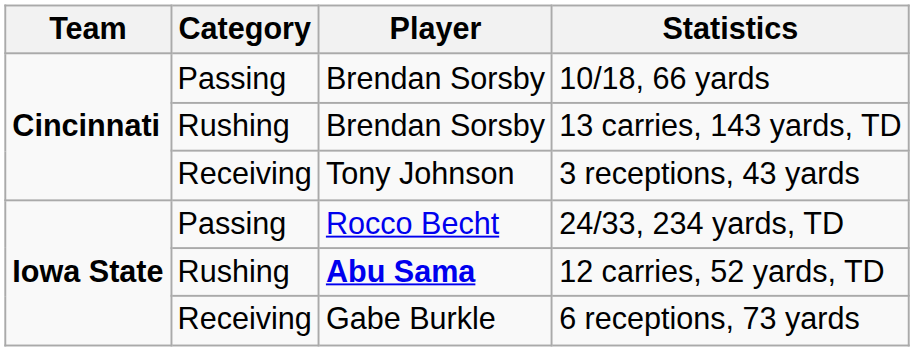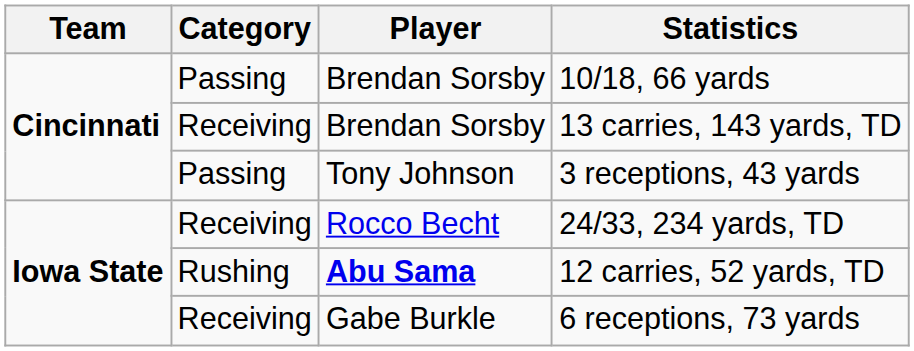 <table class="wikitable" style="float: right;">
 <tr>
 <th>Team</th>
 <th>Category</th>
 <th>Player</th>
 <th>Statistics</th>
 </tr>
 <tr>
 <td rowspan=3><strong>Cincinnati</strong></td>
 <td>Passing</td>
 <td>Brendan Sorsby</td>
 <td>10/18, 66 yards</td>
 </tr>
 <tr>
-<td>Rushing</td>
+<td>Receiving</td>
 <td>Brendan Sorsby</td>
 <td>13 carries, 143 yards, TD</td>
 </tr>
 <tr>
-<td>Receiving</td>
+<td>Passing</td>
 <td>Tony Johnson</td>
 <td>3 receptions, 43 yards</td>
 </tr>
 <tr>
 <td rowspan=3><strong>Iowa State</strong></td>
-<td>Passing</td>
+<td>Receiving</td>
 <td><a href='#'>Rocco Becht</a></td>
 <td>24/33, 234 yards, TD</td>
 </tr>
 <tr>
 <td>Rushing</td>
 <td><strong><a href='#'>Abu Sama</a></strong></td>
 <td>12 carries, 52 yards, TD</td>
 </tr>
 <tr>
 <td>Receiving</td>
 <td>Gabe Burkle</td>
 <td>6 receptions, 73 yards</td>
 </tr>
 </table>
